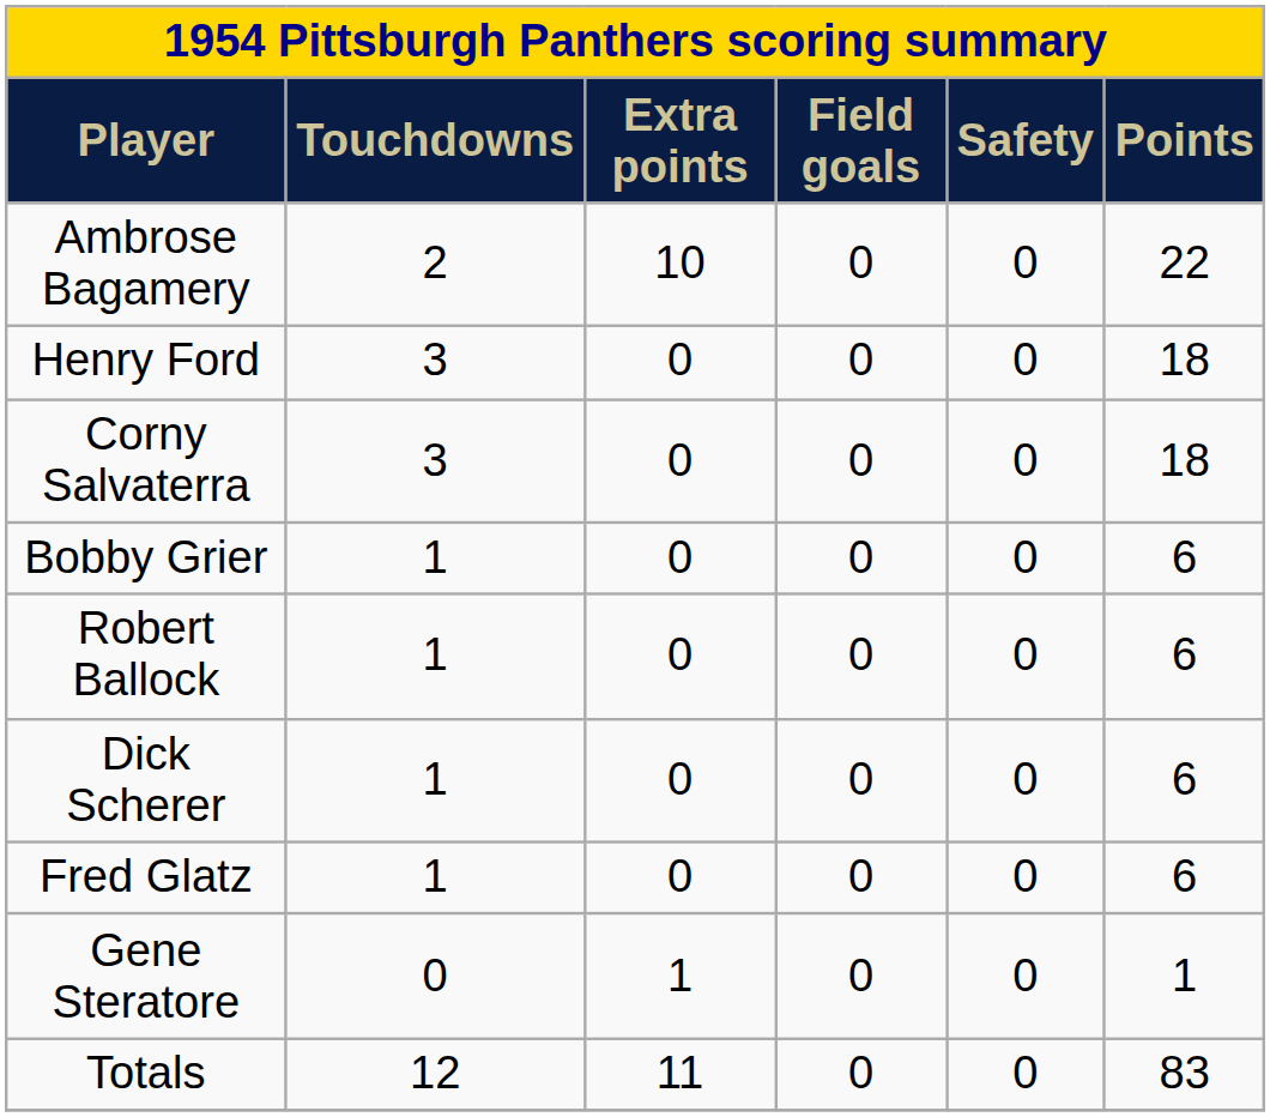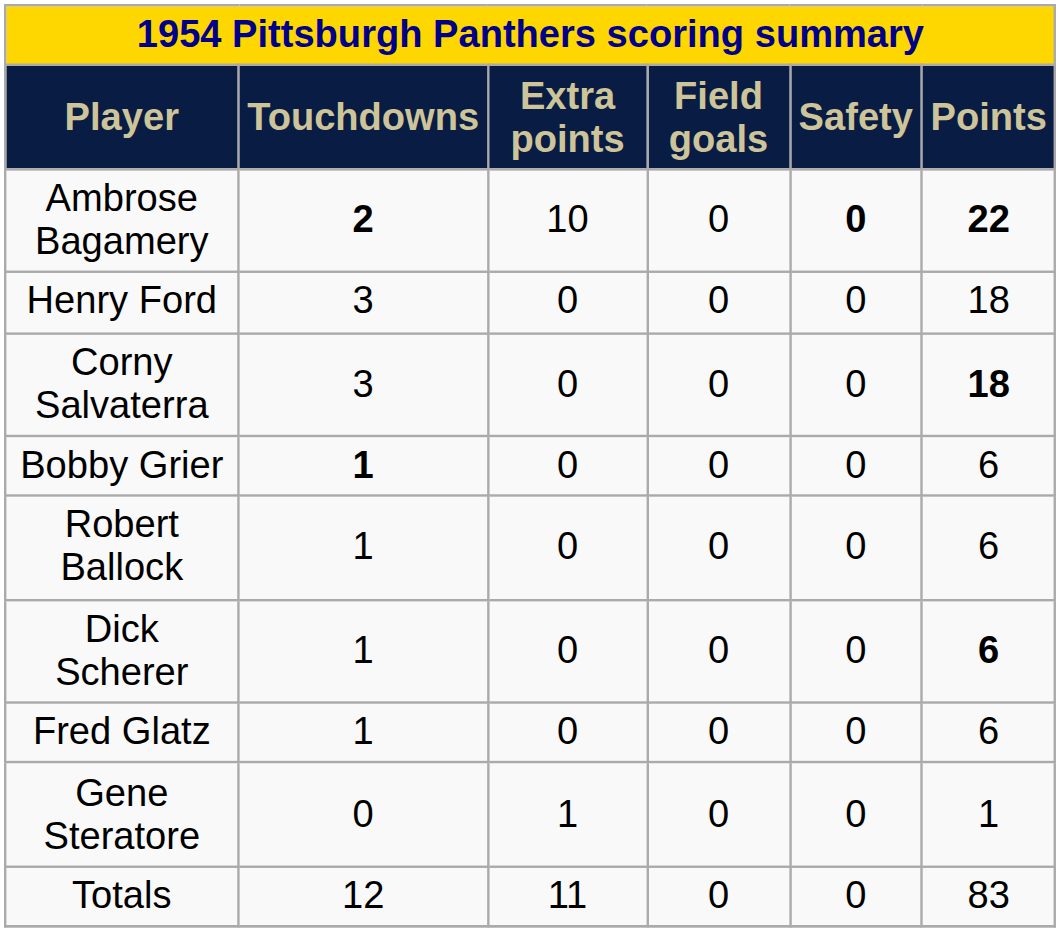 <table class="wikitable" width="35%">
 <tr>
 <th colspan="10" style="background:gold; color:darkblue; text-align: center;"><strong>1954 Pittsburgh Panthers scoring summary</strong></th>
 </tr>
 <tr align="center"  style="background:#091C44;color:#CEC499;">
 <td><strong>Player</strong></td>
 <td><strong>Touchdowns</strong></td>
 <td><strong>Extra points</strong></td>
 <td><strong>Field goals</strong></td>
 <td><strong>Safety</strong></td>
 <td><strong>Points</strong></td>
 </tr>
 <tr align="center" bgcolor="">
 <td>Ambrose Bagamery</td>
-<td>2</td>
+<td><strong>2</strong></td>
 <td>10</td>
 <td>0</td>
-<td>0</td>
-<td>22</td>
+<td><strong>0</strong></td>
+<td><strong>22</strong></td>
 </tr>
 <tr align="center" bgcolor="">
 <td>Henry Ford</td>
 <td>3</td>
 <td>0</td>
 <td>0</td>
 <td>0</td>
 <td>18</td>
 </tr>
 <tr align="center" bgcolor="">
 <td>Corny Salvaterra</td>
 <td>3</td>
 <td>0</td>
 <td>0</td>
 <td>0</td>
-<td>18</td>
+<td><strong>18</strong></td>
 </tr>
 <tr align="center" bgcolor="">
 <td>Bobby Grier</td>
-<td>1</td>
+<td><strong>1</strong></td>
 <td>0</td>
 <td>0</td>
 <td>0</td>
 <td>6</td>
 </tr>
 <tr align="center" bgcolor="">
 <td>Robert Ballock</td>
 <td>1</td>
 <td>0</td>
 <td>0</td>
 <td>0</td>
 <td>6</td>
 </tr>
 <tr align="center" bgcolor="">
 <td>Dick Scherer</td>
 <td>1</td>
 <td>0</td>
 <td>0</td>
 <td>0</td>
-<td>6</td>
+<td><strong>6</strong></td>
 </tr>
 <tr align="center" bgcolor="">
 <td>Fred Glatz</td>
 <td>1</td>
 <td>0</td>
 <td>0</td>
 <td>0</td>
 <td>6</td>
 </tr>
 <tr align="center" bgcolor="">
 <td>Gene Steratore</td>
 <td>0</td>
 <td>1</td>
 <td>0</td>
 <td>0</td>
 <td>1</td>
 </tr>
 <tr align="center" bgcolor="">
 <td>Totals</td>
 <td>12</td>
 <td>11</td>
 <td>0</td>
 <td>0</td>
 <td>83</td>
 </tr>
 <tr align="center" bgcolor="">
 </tr>
 </table>
